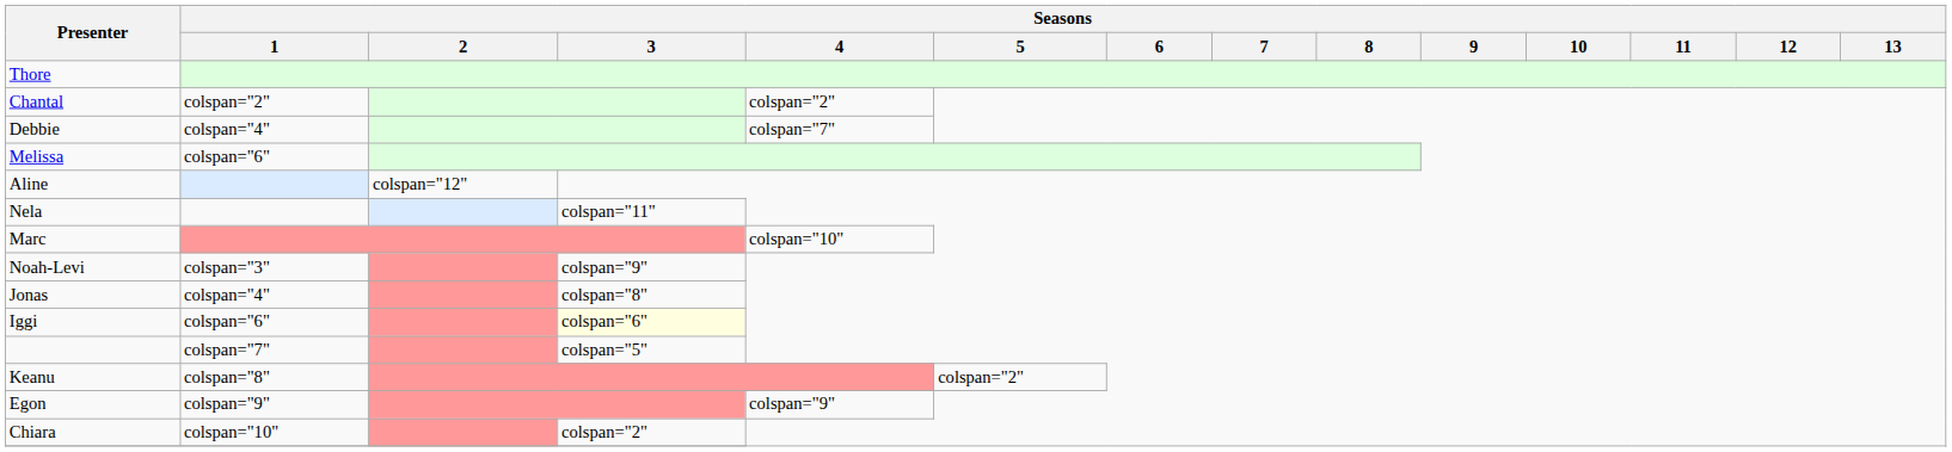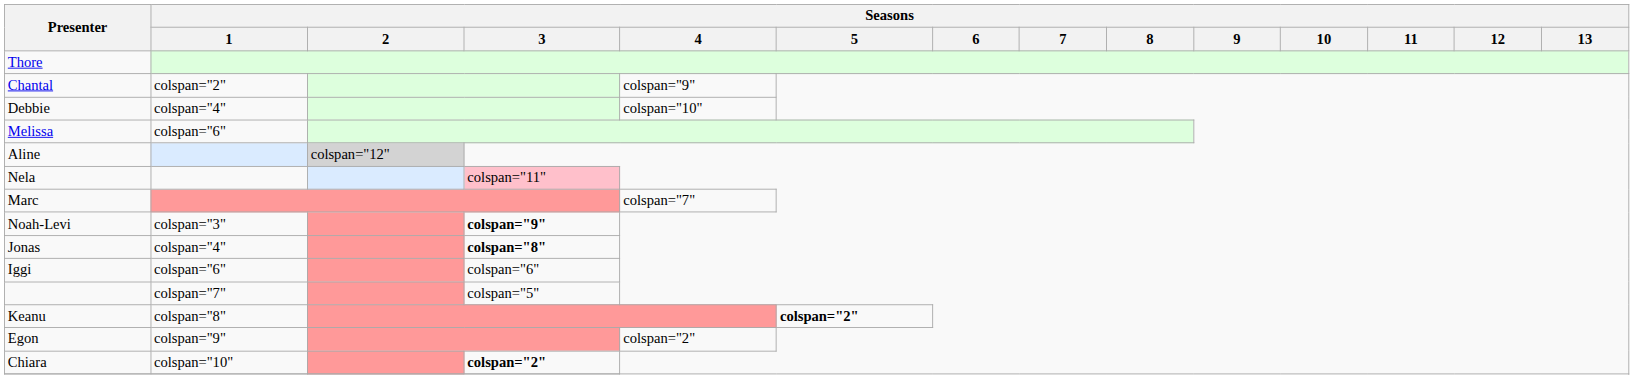 <table class="wikitable" width="90%">
 <tr>
 <th rowspan="2" width="9%">Presenter</th>
 <th colspan="13">Seasons</th>
 </tr>
 <tr>
 <th width="45">1</th>
 <th width="45">2</th>
 <th width="45">3</th>
 <th width="45">4</th>
 <th width="45">5</th>
 <th width="45">6</th>
 <th width="45">7</th>
 <th width="45">8</th>
 <th width="45">9</th>
 <th width="45">10</th>
 <th width="45">11</th>
 <th width="45">12</th>
 <th width="45">13</th>
 </tr>
 <tr>
 <td><a href='#'>Thore</a></td>
 <td colspan="13" style="background:#ddffdd"></td>
 </tr>
 <tr>
 <td><a href='#'>Chantal</a></td>
 <td>colspan="2" </td>
 <td colspan="2" style="background:#ddffdd"></td>
-<td>colspan="2" </td>
+<td>colspan="9" </td>
 </tr>
 <tr>
 <td>Debbie</td>
 <td>colspan="4" </td>
 <td colspan="2" style="background:#ddffdd"></td>
-<td>colspan="7" </td>
+<td>colspan="10" </td>
 </tr>
 <tr>
 <td><a href='#'>Melissa</a></td>
 <td>colspan="6" </td>
 <td colspan="7" style="background:#ddffdd"></td>
 </tr>
 <tr>
 <td>Aline</td>
 <td style="background:#DAEBFF"></td>
-<td>colspan="12" </td>
+<td style="background: lightgrey;">colspan="12" </td>
 </tr>
 <tr>
 <td>Nela</td>
 <td></td>
 <td style="background:#DAEBFF"></td>
-<td>colspan="11" </td>
+<td style="background: pink;">colspan="11" </td>
 </tr>
 <tr>
 <td>Marc</td>
 <td colspan="3" style="background:#F99"></td>
-<td>colspan="10" </td>
+<td>colspan="7" </td>
 </tr>
 <tr>
 <td>Noah-Levi</td>
 <td>colspan="3" </td>
 <td style="background:#F99"></td>
-<td>colspan="9" </td>
+<td><strong>colspan="9" </strong></td>
 </tr>
 <tr>
 <td>Jonas</td>
 <td>colspan="4" </td>
 <td style="background:#F99"></td>
-<td>colspan="8" </td>
+<td><strong>colspan="8" </strong></td>
 </tr>
 <tr>
 <td>Iggi</td>
 <td>colspan="6" </td>
 <td colspan="1" style="background:#F99"></td>
-<td style="background: lightyellow;">colspan="6" </td>
+<td>colspan="6" </td>
 </tr>
 <tr>
 <td></td>
 <td>colspan="7" </td>
 <td colspan="1" style="background:#F99"></td>
 <td>colspan="5" </td>
 </tr>
 <tr>
 <td>Keanu</td>
 <td>colspan="8" </td>
 <td colspan="3" style="background:#F99"></td>
-<td>colspan="2" </td>
+<td><strong>colspan="2" </strong></td>
 </tr>
 <tr>
 <td>Egon</td>
 <td>colspan="9" </td>
 <td colspan="2" style="background:#F99"></td>
-<td>colspan="9" </td>
+<td>colspan="2" </td>
 </tr>
 <tr>
 <td>Chiara</td>
 <td>colspan="10" </td>
 <td colspan="1" style="background:#F99"></td>
-<td>colspan="2" </td>
+<td><strong>colspan="2" </strong></td>
 </tr>
 <tr>
 </tr>
 </table>
